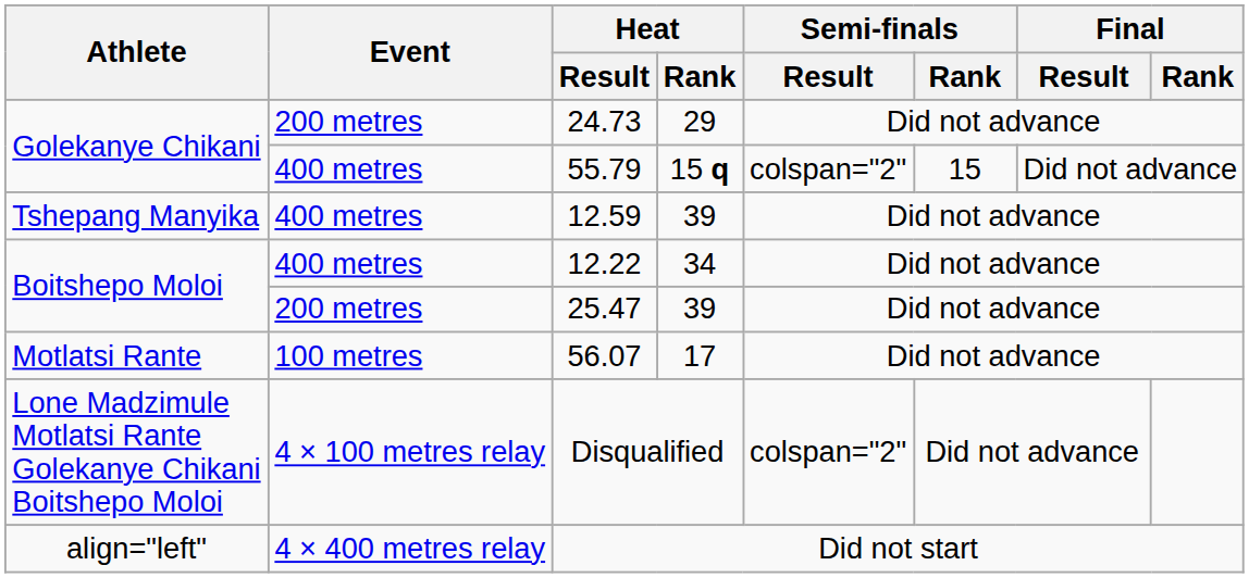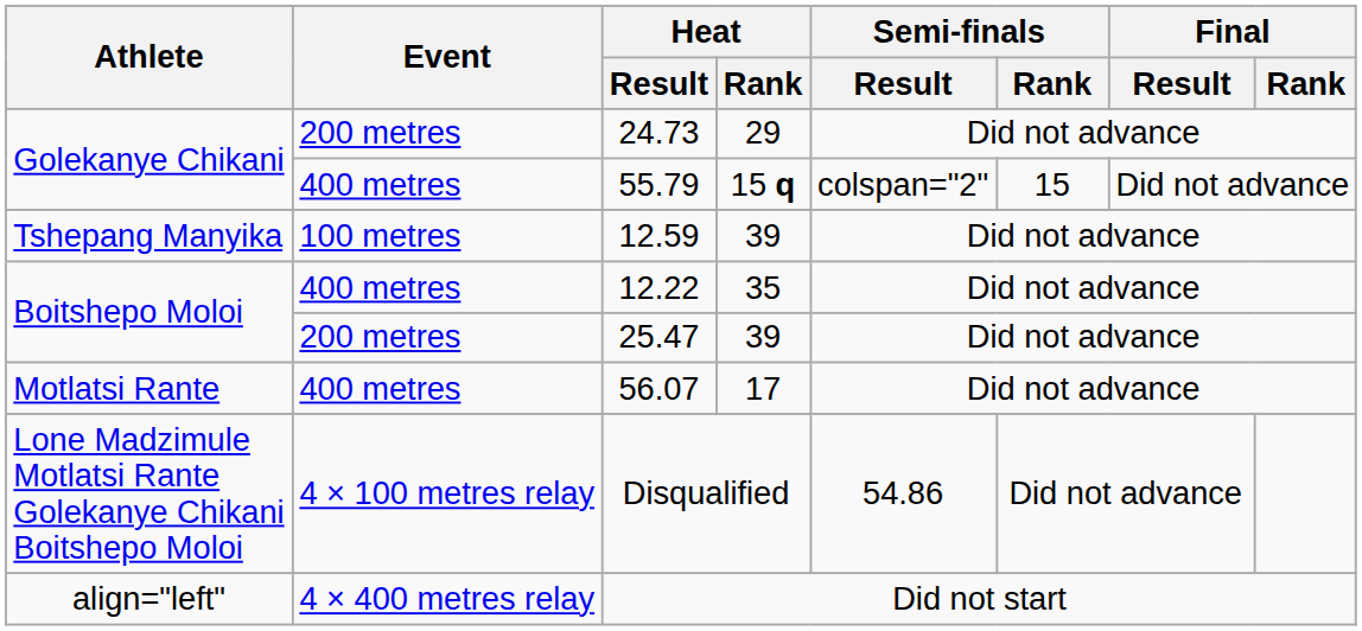 <table class="wikitable" style="font-size:90%; text-align:center">
 <tr>
 <th rowspan="2">Athlete</th>
 <th rowspan="2">Event</th>
 <th colspan="2">Heat</th>
 <th colspan="2">Semi-finals</th>
 <th colspan="2">Final</th>
 </tr>
 <tr>
 <th>Result</th>
 <th>Rank</th>
 <th>Result</th>
 <th>Rank</th>
 <th>Result</th>
 <th>Rank</th>
 </tr>
 <tr>
 <td align="left" rowspan=2><a href='#'>Golekanye Chikani</a></td>
 <td align="left"><a href='#'>200 metres</a></td>
 <td>24.73</td>
 <td>29</td>
 <td colspan="4">Did not advance</td>
 </tr>
 <tr>
 <td align="left"><a href='#'>400 metres</a></td>
 <td>55.79</td>
 <td>15 <strong>q</strong></td>
 <td>colspan="2" </td>
 <td>15</td>
 <td colspan="2">Did not advance</td>
 </tr>
 <tr>
 <td align="left"><a href='#'>Tshepang Manyika</a></td>
-<td align="left"><a href='#'>400 metres</a></td>
+<td align="left"><a href='#'>100 metres</a></td>
 <td>12.59</td>
 <td>39</td>
 <td colspan="4">Did not advance</td>
 </tr>
 <tr>
 <td align="left" rowspan=2><a href='#'>Boitshepo Moloi</a></td>
 <td align="left"><a href='#'>400 metres</a></td>
 <td>12.22</td>
-<td>34</td>
+<td>35</td>
 <td colspan="4">Did not advance</td>
 </tr>
 <tr>
 <td align="left"><a href='#'>200 metres</a></td>
 <td>25.47</td>
 <td>39</td>
 <td colspan="4">Did not advance</td>
 </tr>
 <tr>
 <td align="left"><a href='#'>Motlatsi Rante</a></td>
-<td align="left"><a href='#'>100 metres</a></td>
+<td align="left"><a href='#'>400 metres</a></td>
 <td>56.07</td>
 <td>17</td>
 <td colspan="4">Did not advance</td>
 </tr>
 <tr>
 <td align="left"><a href='#'>Lone Madzimule</a><br><a href='#'>Motlatsi Rante</a><br> <a href='#'>Golekanye Chikani</a><br><a href='#'>Boitshepo Moloi</a></td>
 <td align="left"><a href='#'>4 × 100 metres relay</a></td>
 <td colspan="2">Disqualified</td>
-<td>colspan="2" </td>
+<td>54.86</td>
 <td colspan="2">Did not advance</td>
 </tr>
 <tr>
 <td>align="left" </td>
 <td align="left"><a href='#'>4 × 400 metres relay</a></td>
 <td colspan="6">Did not start</td>
 </tr>
 </table>
